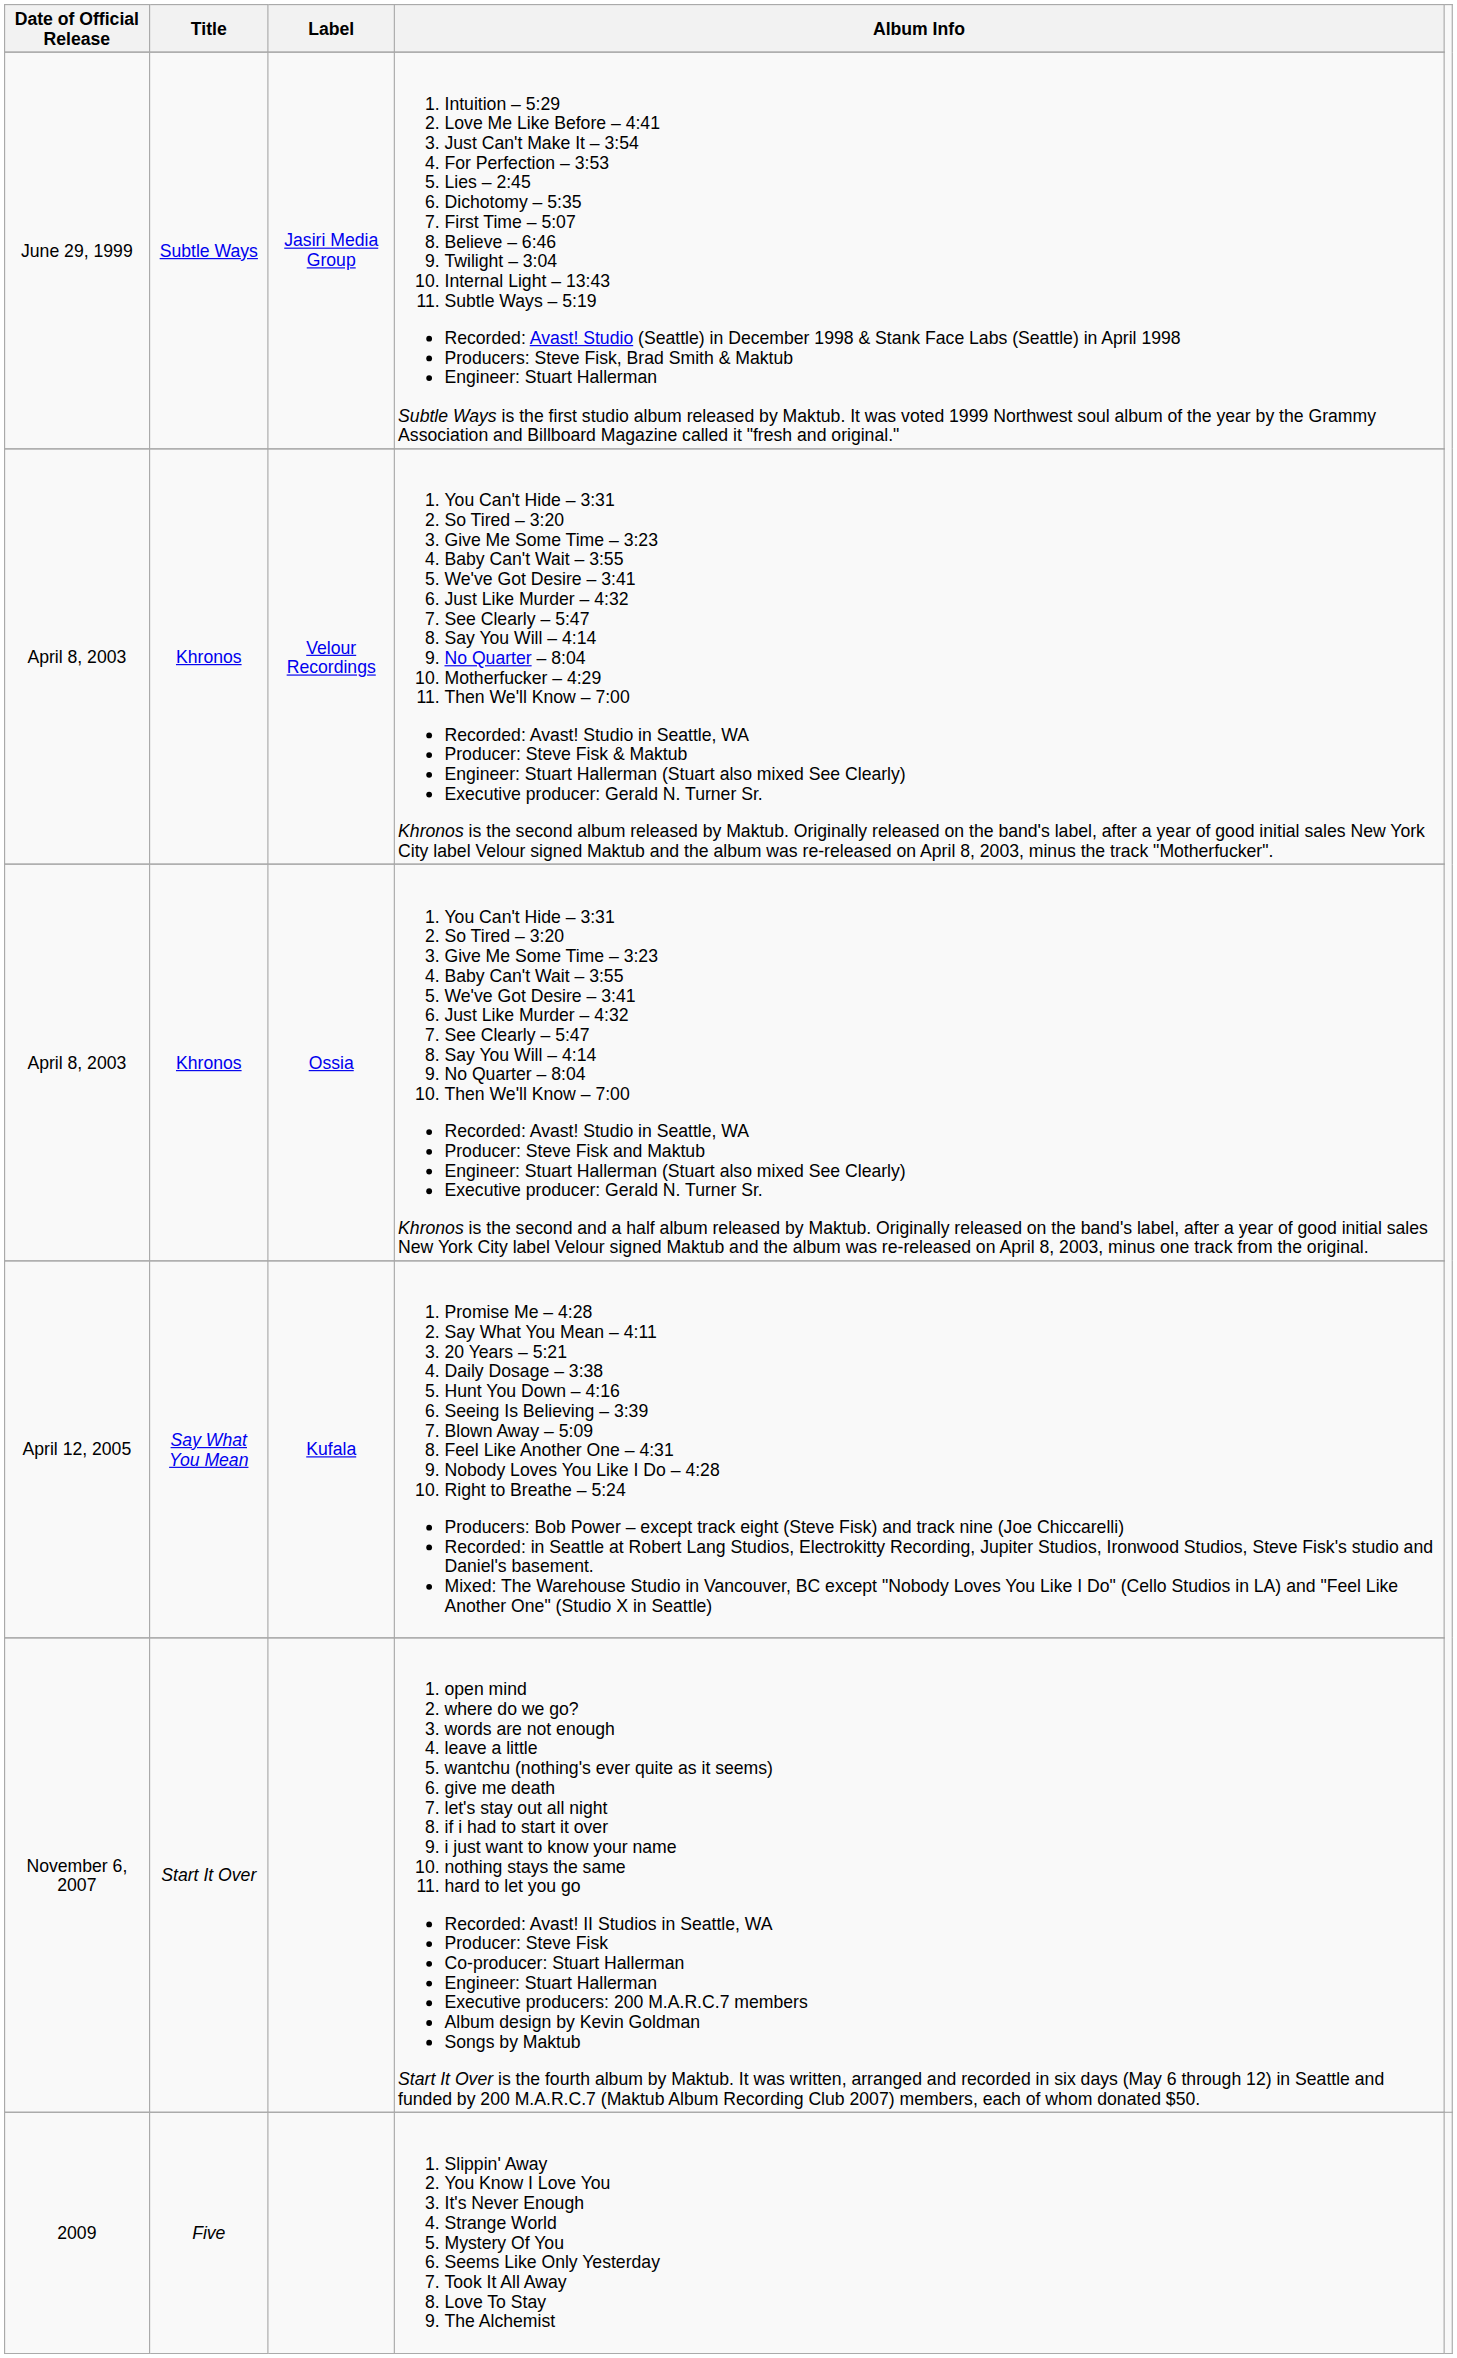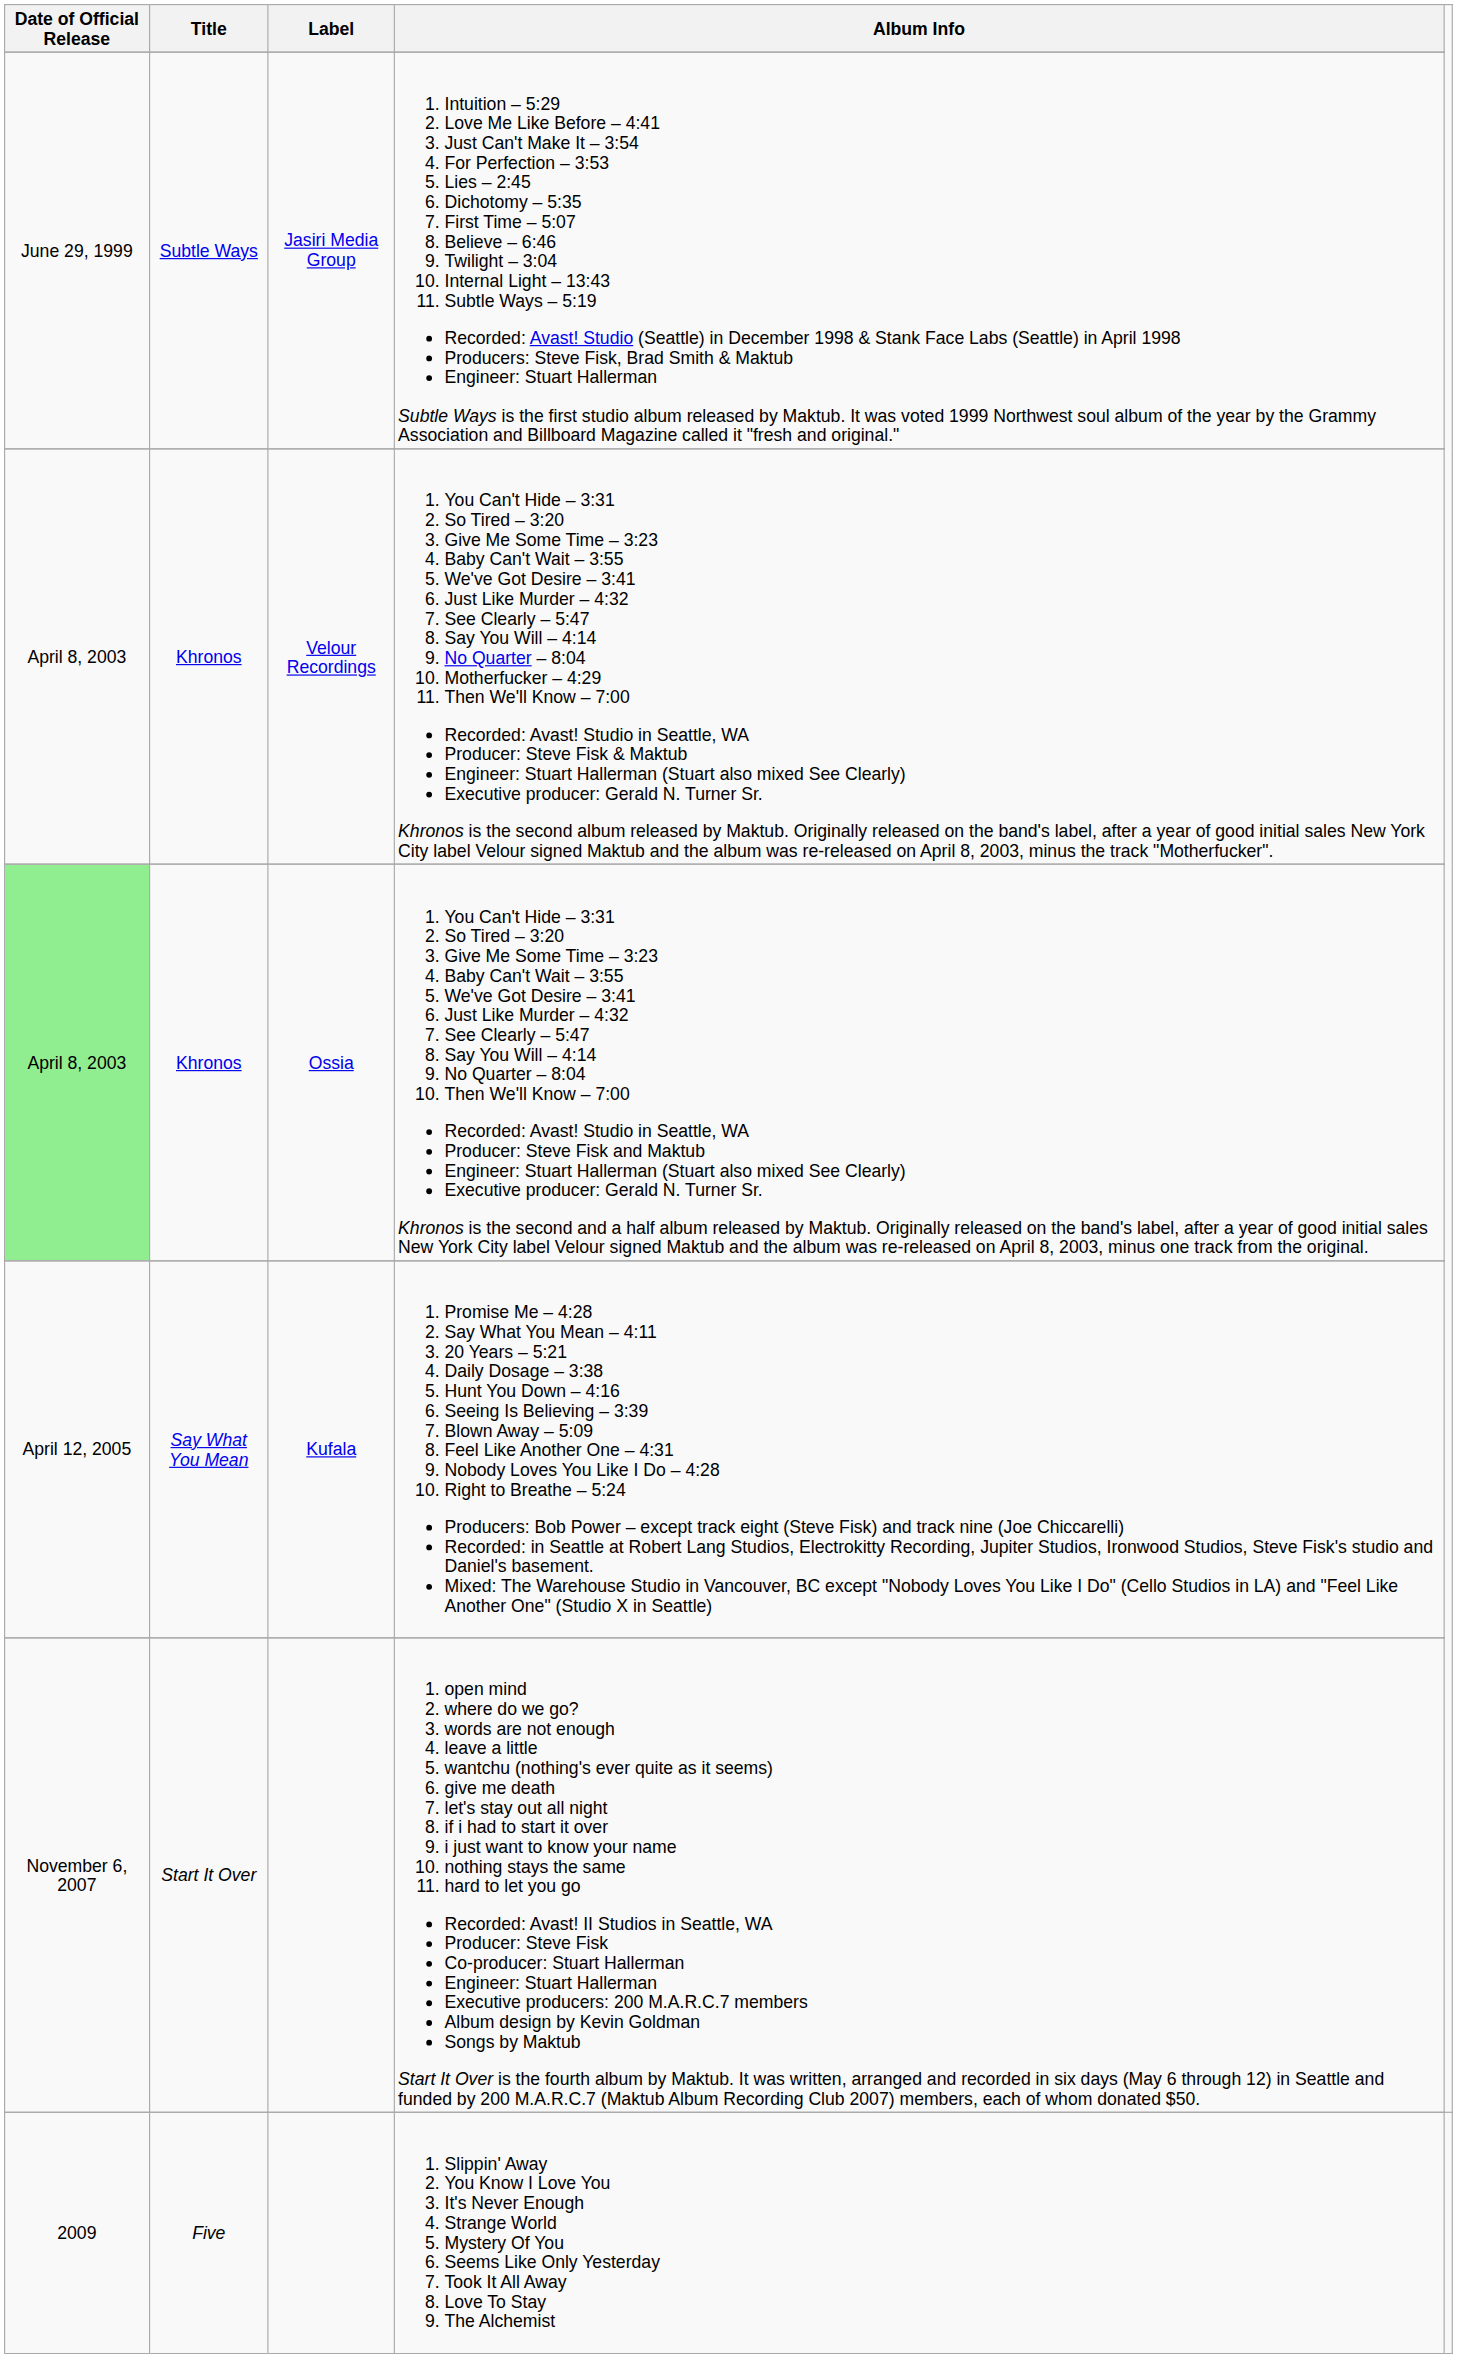 <table class="wikitable" style="font-size: 95%;">
 <tr>
 <th>Date of Official Release</th>
 <th>Title</th>
 <th>Label</th>
 <th>Album Info</th>
 </tr>
 <tr>
 </tr>
 <tr>
 <td style="text-align:center;">June 29, 1999</td>
 <td style="text-align:center;"><a href='#'>Subtle Ways</a></td>
 <td style="text-align:center;"><a href='#'>Jasiri Media Group</a></td>
 <td><br><ol><li>Intuition – 5:29</li><li>Love Me Like Before – 4:41</li><li>Just Can't Make It – 3:54</li><li>For Perfection – 3:53</li><li>Lies – 2:45</li><li>Dichotomy – 5:35</li><li>First Time – 5:07</li><li>Believe – 6:46</li><li>Twilight – 3:04</li><li>Internal Light – 13:43</li><li>Subtle Ways – 5:19</li></ol><ul><li>Recorded: <a href='#'>Avast! Studio</a> (Seattle) in December 1998 & Stank Face Labs (Seattle) in April 1998</li><li>Producers:  Steve Fisk, Brad Smith & Maktub</li><li>Engineer: Stuart Hallerman</li></ul><em>Subtle Ways</em> is the first studio album released by Maktub. It was voted 1999 Northwest soul album of the year by the Grammy Association and Billboard Magazine called it "fresh and original."</td>
 </tr>
 <tr>
 </tr>
 <tr>
 <td style="text-align:center;">April 8, 2003</td>
 <td style="text-align:center;"><a href='#'>Khronos</a></td>
 <td style="text-align:center;"><a href='#'>Velour Recordings</a></td>
 <td><br><ol><li>You Can't Hide – 3:31</li><li>So Tired – 3:20</li><li>Give Me Some Time – 3:23</li><li>Baby Can't Wait – 3:55</li><li>We've Got Desire – 3:41</li><li>Just Like Murder – 4:32</li><li>See Clearly – 5:47</li><li>Say You Will – 4:14</li><li><a href='#'>No Quarter</a> – 8:04</li><li>Motherfucker – 4:29</li><li>Then We'll Know – 7:00</li></ol><ul><li>Recorded: Avast! Studio in Seattle, WA</li><li>Producer: Steve Fisk & Maktub</li><li>Engineer: Stuart Hallerman (Stuart also mixed See Clearly)</li><li>Executive producer:  Gerald N. Turner Sr.</li></ul><em>Khronos</em> is the second album released by Maktub. Originally released on the band's label, after a year of good initial sales New York City label Velour signed Maktub and the album was re-released on April 8, 2003, minus the track "Motherfucker".</td>
 </tr>
 <tr>
 </tr>
 <tr>
-<td style="text-align:center;">April 8, 2003</td>
+<td style="background: lightgreen; text-align:center;">April 8, 2003</td>
 <td style="text-align:center;"><a href='#'>Khronos</a></td>
 <td style="text-align:center;"><a href='#'>Ossia</a></td>
 <td><br><ol><li>You Can't Hide – 3:31</li><li>So Tired – 3:20</li><li>Give Me Some Time – 3:23</li><li>Baby Can't Wait – 3:55</li><li>We've Got Desire – 3:41</li><li>Just Like Murder – 4:32</li><li>See Clearly – 5:47</li><li>Say You Will – 4:14</li><li>No Quarter – 8:04</li><li>Then We'll Know – 7:00</li></ol><ul><li>Recorded: Avast! Studio in Seattle, WA</li><li>Producer: Steve Fisk and Maktub</li><li>Engineer: Stuart Hallerman (Stuart also mixed See Clearly)</li><li>Executive producer:  Gerald N. Turner Sr.</li></ul><em>Khronos</em> is the second and a half album released by Maktub. Originally released on the band's label, after a year of good initial sales New York City label Velour signed Maktub and the album was re-released on April 8, 2003, minus one track from the original.</td>
 </tr>
 <tr>
 </tr>
 <tr>
 <td style="text-align:center;">April 12, 2005</td>
 <td style="text-align:center;"><em><a href='#'>Say What You Mean</a></em></td>
 <td style="text-align:center;"><a href='#'>Kufala</a></td>
 <td><br><ol><li>Promise Me – 4:28</li><li>Say What You Mean – 4:11</li><li>20 Years – 5:21</li><li>Daily Dosage – 3:38</li><li>Hunt You Down – 4:16</li><li>Seeing Is Believing – 3:39</li><li>Blown Away – 5:09</li><li>Feel Like Another One – 4:31</li><li>Nobody Loves You Like I Do – 4:28</li><li>Right to Breathe – 5:24</li></ol><ul><li>Producers:  Bob Power – except track eight (Steve Fisk) and track nine (Joe Chiccarelli)</li><li>Recorded: in Seattle at Robert Lang Studios, Electrokitty Recording, Jupiter Studios, Ironwood Studios, Steve Fisk's studio and Daniel's basement.</li><li>Mixed: The Warehouse Studio in Vancouver, BC except "Nobody Loves You Like I Do" (Cello Studios in LA) and "Feel Like Another One" (Studio X in Seattle)</li></ul></td>
 </tr>
 <tr>
 </tr>
 <tr>
 <td style="text-align:center;">November 6, 2007</td>
 <td style="text-align:center;"><em>Start It Over</em></td>
 <td style="text-align:center;"><em> </em></td>
 <td><br><ol><li>open mind</li><li>where do we go?</li><li>words are not enough</li><li>leave a little</li><li>wantchu (nothing's ever quite as it seems)</li><li>give me death</li><li>let's stay out all night</li><li>if i had to start it over</li><li>i just want to know your name</li><li>nothing stays the same</li><li>hard to let you go</li></ol><ul><li>Recorded: Avast! II Studios in Seattle, WA</li><li>Producer: Steve Fisk</li><li>Co-producer: Stuart Hallerman</li><li>Engineer: Stuart Hallerman</li><li>Executive producers: 200 M.A.R.C.7 members</li><li>Album design by Kevin Goldman</li><li>Songs by Maktub</li></ul><em>Start It Over</em> is the fourth album by Maktub. It was written, arranged and recorded in six days  (May 6 through 12) in Seattle and funded by 200 M.A.R.C.7 (Maktub Album Recording Club 2007) members, each of whom donated $50.</td>
 </tr>
 <tr>
 </tr>
 <tr>
 <td style="text-align:center;">2009</td>
 <td style="text-align:center;"><em>Five</em></td>
 <td style="text-align:center;"><em> </em></td>
 <td><br><ol><li>Slippin' Away</li><li>You Know I Love You</li><li>It's Never Enough</li><li>Strange World</li><li>Mystery Of You</li><li>Seems Like Only Yesterday</li><li>Took It All Away</li><li>Love To Stay</li><li>The Alchemist</li></ol></td>
 <td></td>
 </tr>
 </table>
